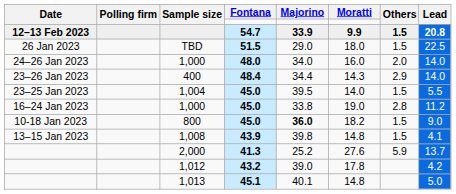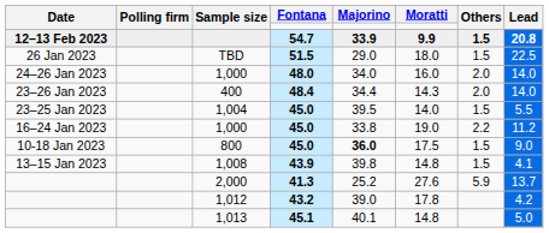 <table class=wikitable style="text-align:center;font-size:85%;line-height:13px">
 <tr>
 <th rowspan="2" style="width:114px;">Date</th>
 <th rowspan="2">Polling firm</th>
 <th rowspan="2">Sample size</th>
 <th style="width:61px;"><a href='#'>Fontana</a></th>
 <th style="width:61px;"><a href='#'>Majorino</a></th>
 <th style="width:61px;"><a href='#'>Moratti</a></th>
 <th rowspan="2" style="width:35px;">Others</th>
 <th rowspan="2" style="width:35px;">Lead</th>
 </tr>
 <tr>
 <td></td>
 <td></td>
 <td></td>
 </tr>
 <tr style="background:#EFEFEF; font-weight:bold;">
 <td>12–13 Feb 2023</td>
 <td></td>
 <td></td>
 <td style="background:#C8EBFF"><strong>54.7</strong></td>
 <td>33.9</td>
 <td>9.9</td>
 <td>1.5</td>
 <td style="background:#0A6BE1; color:white;">20.8</td>
 </tr>
 <tr>
 <td>26 Jan 2023</td>
 <td></td>
 <td>TBD</td>
 <td style="background:#C8EBFF"><strong>51.5</strong></td>
 <td>29.0</td>
 <td>18.0</td>
 <td>1.5</td>
 <td style="background:#0A6BE1; color:white;">22.5</td>
 </tr>
 <tr>
 <td>24–26 Jan 2023</td>
 <td></td>
 <td>1,000</td>
 <td style="background:#C8EBFF"><strong>48.0</strong></td>
 <td>34.0</td>
 <td>16.0</td>
 <td>2.0</td>
 <td style="background:#0A6BE1; color:white;">14.0</td>
 </tr>
 <tr>
 <td>23–26 Jan 2023</td>
 <td></td>
 <td>400</td>
 <td style="background:#C8EBFF"><strong>48.4</strong></td>
 <td>34.4</td>
 <td>14.3</td>
-<td>2.9</td>
+<td>2.0</td>
 <td style="background:#0A6BE1; color:white;">14.0</td>
 </tr>
 <tr>
 <td>23–25 Jan 2023</td>
 <td></td>
 <td>1,004</td>
 <td style="background:#C8EBFF"><strong>45.0</strong></td>
 <td>39.5</td>
 <td>14.0</td>
 <td>1.5</td>
 <td style="background:#0A6BE1; color:white;">5.5</td>
 </tr>
 <tr>
 <td>16–24 Jan 2023</td>
 <td></td>
 <td>1,000</td>
 <td style="background:#C8EBFF"><strong>45.0</strong></td>
 <td>33.8</td>
 <td>19.0</td>
-<td>2.8</td>
+<td>2.2</td>
 <td style="background:#0A6BE1; color:white;">11.2</td>
 </tr>
 <tr>
 <td>10-18 Jan 2023</td>
 <td></td>
 <td>800</td>
 <td style="background:#C8EBFF"><strong>45.0</strong></td>
 <td><strong>36.0</strong></td>
-<td>18.2</td>
+<td>17.5</td>
 <td>1.5</td>
 <td style="background:#0A6BE1; color:white;">9.0</td>
 </tr>
 <tr>
 <td>13–15 Jan 2023</td>
 <td></td>
 <td>1,008</td>
 <td style="background:#C8EBFF"><strong>43.9</strong></td>
 <td>39.8</td>
 <td>14.8</td>
 <td>1.5</td>
 <td style="background:#0A6BE1; color:white;">4.1</td>
 </tr>
 <tr>
 <td></td>
 <td></td>
 <td>2,000</td>
 <td style="background:#C8EBFF"><strong>41.3</strong></td>
 <td>25.2</td>
 <td>27.6</td>
 <td>5.9</td>
 <td style="background:#0A6BE1; color:white;">13.7</td>
 </tr>
 <tr>
 <td></td>
 <td></td>
 <td>1,012</td>
 <td style="background:#C8EBFF"><strong>43.2</strong></td>
 <td>39.0</td>
 <td>17.8</td>
 <td></td>
 <td style="background:#0A6BE1; color:white;">4.2</td>
 </tr>
 <tr>
 <td></td>
 <td></td>
 <td>1,013</td>
 <td style="background:#C8EBFF"><strong>45.1</strong></td>
 <td>40.1</td>
 <td>14.8</td>
 <td></td>
 <td style="background:#0A6BE1; color:white;">5.0</td>
 </tr>
 </table>
